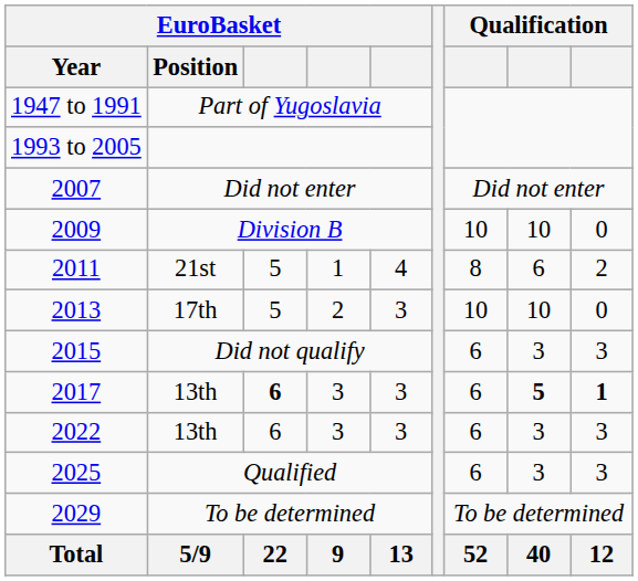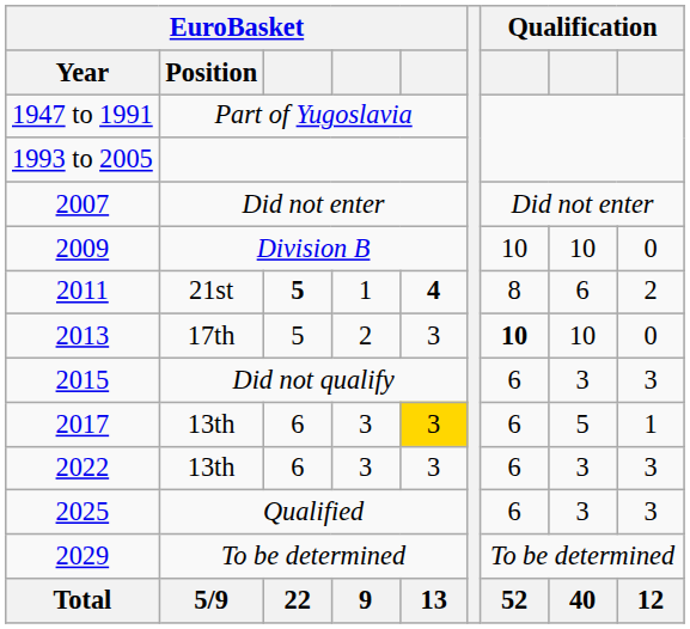 <table class="wikitable" style="text-align: center;font-size:90%;">
 <tr>
 <th colspan=5><a href='#'>EuroBasket</a></th>
 <th rowspan=14></th>
 <th colspan=3>Qualification</th>
 </tr>
 <tr>
 <th>Year</th>
 <th>Position</th>
 <th width=30></th>
 <th width=30></th>
 <th width=30></th>
 <th width=30></th>
 <th width=30></th>
 <th width=30></th>
 </tr>
 <tr>
 <td><a href='#'>1947</a> to <a href='#'>1991</a></td>
 <td colspan=4><em>Part of <a href='#'>Yugoslavia</a></em></td>
 </tr>
 <tr>
 <td><a href='#'>1993</a> to <a href='#'>2005</a></td>
 <td colspan=4></td>
 </tr>
 <tr>
 <td> <a href='#'>2007</a></td>
 <td colspan=4><em>Did not enter</em></td>
 <td colspan=3><em>Did not enter</em></td>
 </tr>
 <tr>
 <td> <a href='#'>2009</a></td>
 <td colspan=4><em><a href='#'>Division B</a></em></td>
 <td>10</td>
 <td>10</td>
 <td>0</td>
 </tr>
 <tr>
 <td> <a href='#'>2011</a></td>
 <td>21st</td>
-<td>5</td>
+<td><strong>5</strong></td>
 <td>1</td>
-<td>4</td>
+<td><strong>4</strong></td>
 <td>8</td>
 <td>6</td>
 <td>2</td>
 </tr>
 <tr>
 <td> <a href='#'>2013</a></td>
 <td>17th</td>
 <td>5</td>
 <td>2</td>
 <td>3</td>
-<td>10</td>
+<td><strong>10</strong></td>
 <td>10</td>
 <td>0</td>
 </tr>
 <tr>
 <td> <a href='#'>2015</a></td>
 <td colspan=4><em>Did not qualify</em></td>
 <td>6</td>
 <td>3</td>
 <td>3</td>
 </tr>
 <tr>
 <td> <a href='#'>2017</a></td>
 <td>13th</td>
-<td><strong>6</strong></td>
+<td>6</td>
 <td>3</td>
-<td>3</td>
+<td style="background: gold;">3</td>
 <td>6</td>
-<td><strong>5</strong></td>
-<td><strong>1</strong></td>
+<td>5</td>
+<td>1</td>
 </tr>
 <tr>
 <td> <a href='#'>2022</a></td>
 <td>13th</td>
 <td>6</td>
 <td>3</td>
 <td>3</td>
 <td>6</td>
 <td>3</td>
 <td>3</td>
 </tr>
 <tr>
 <td> <a href='#'>2025</a></td>
 <td colspan=4><em>Qualified</em></td>
 <td>6</td>
 <td>3</td>
 <td>3</td>
 </tr>
 <tr>
 <td> <a href='#'>2029</a></td>
 <td colspan=4><em>To be determined</em></td>
 <td colspan=3><em>To be determined</em></td>
 </tr>
 <tr>
 <th>Total</th>
 <th>5/9</th>
 <th>22</th>
 <th>9</th>
 <th>13</th>
 <th>52</th>
 <th>40</th>
 <th>12</th>
 </tr>
 </table>
